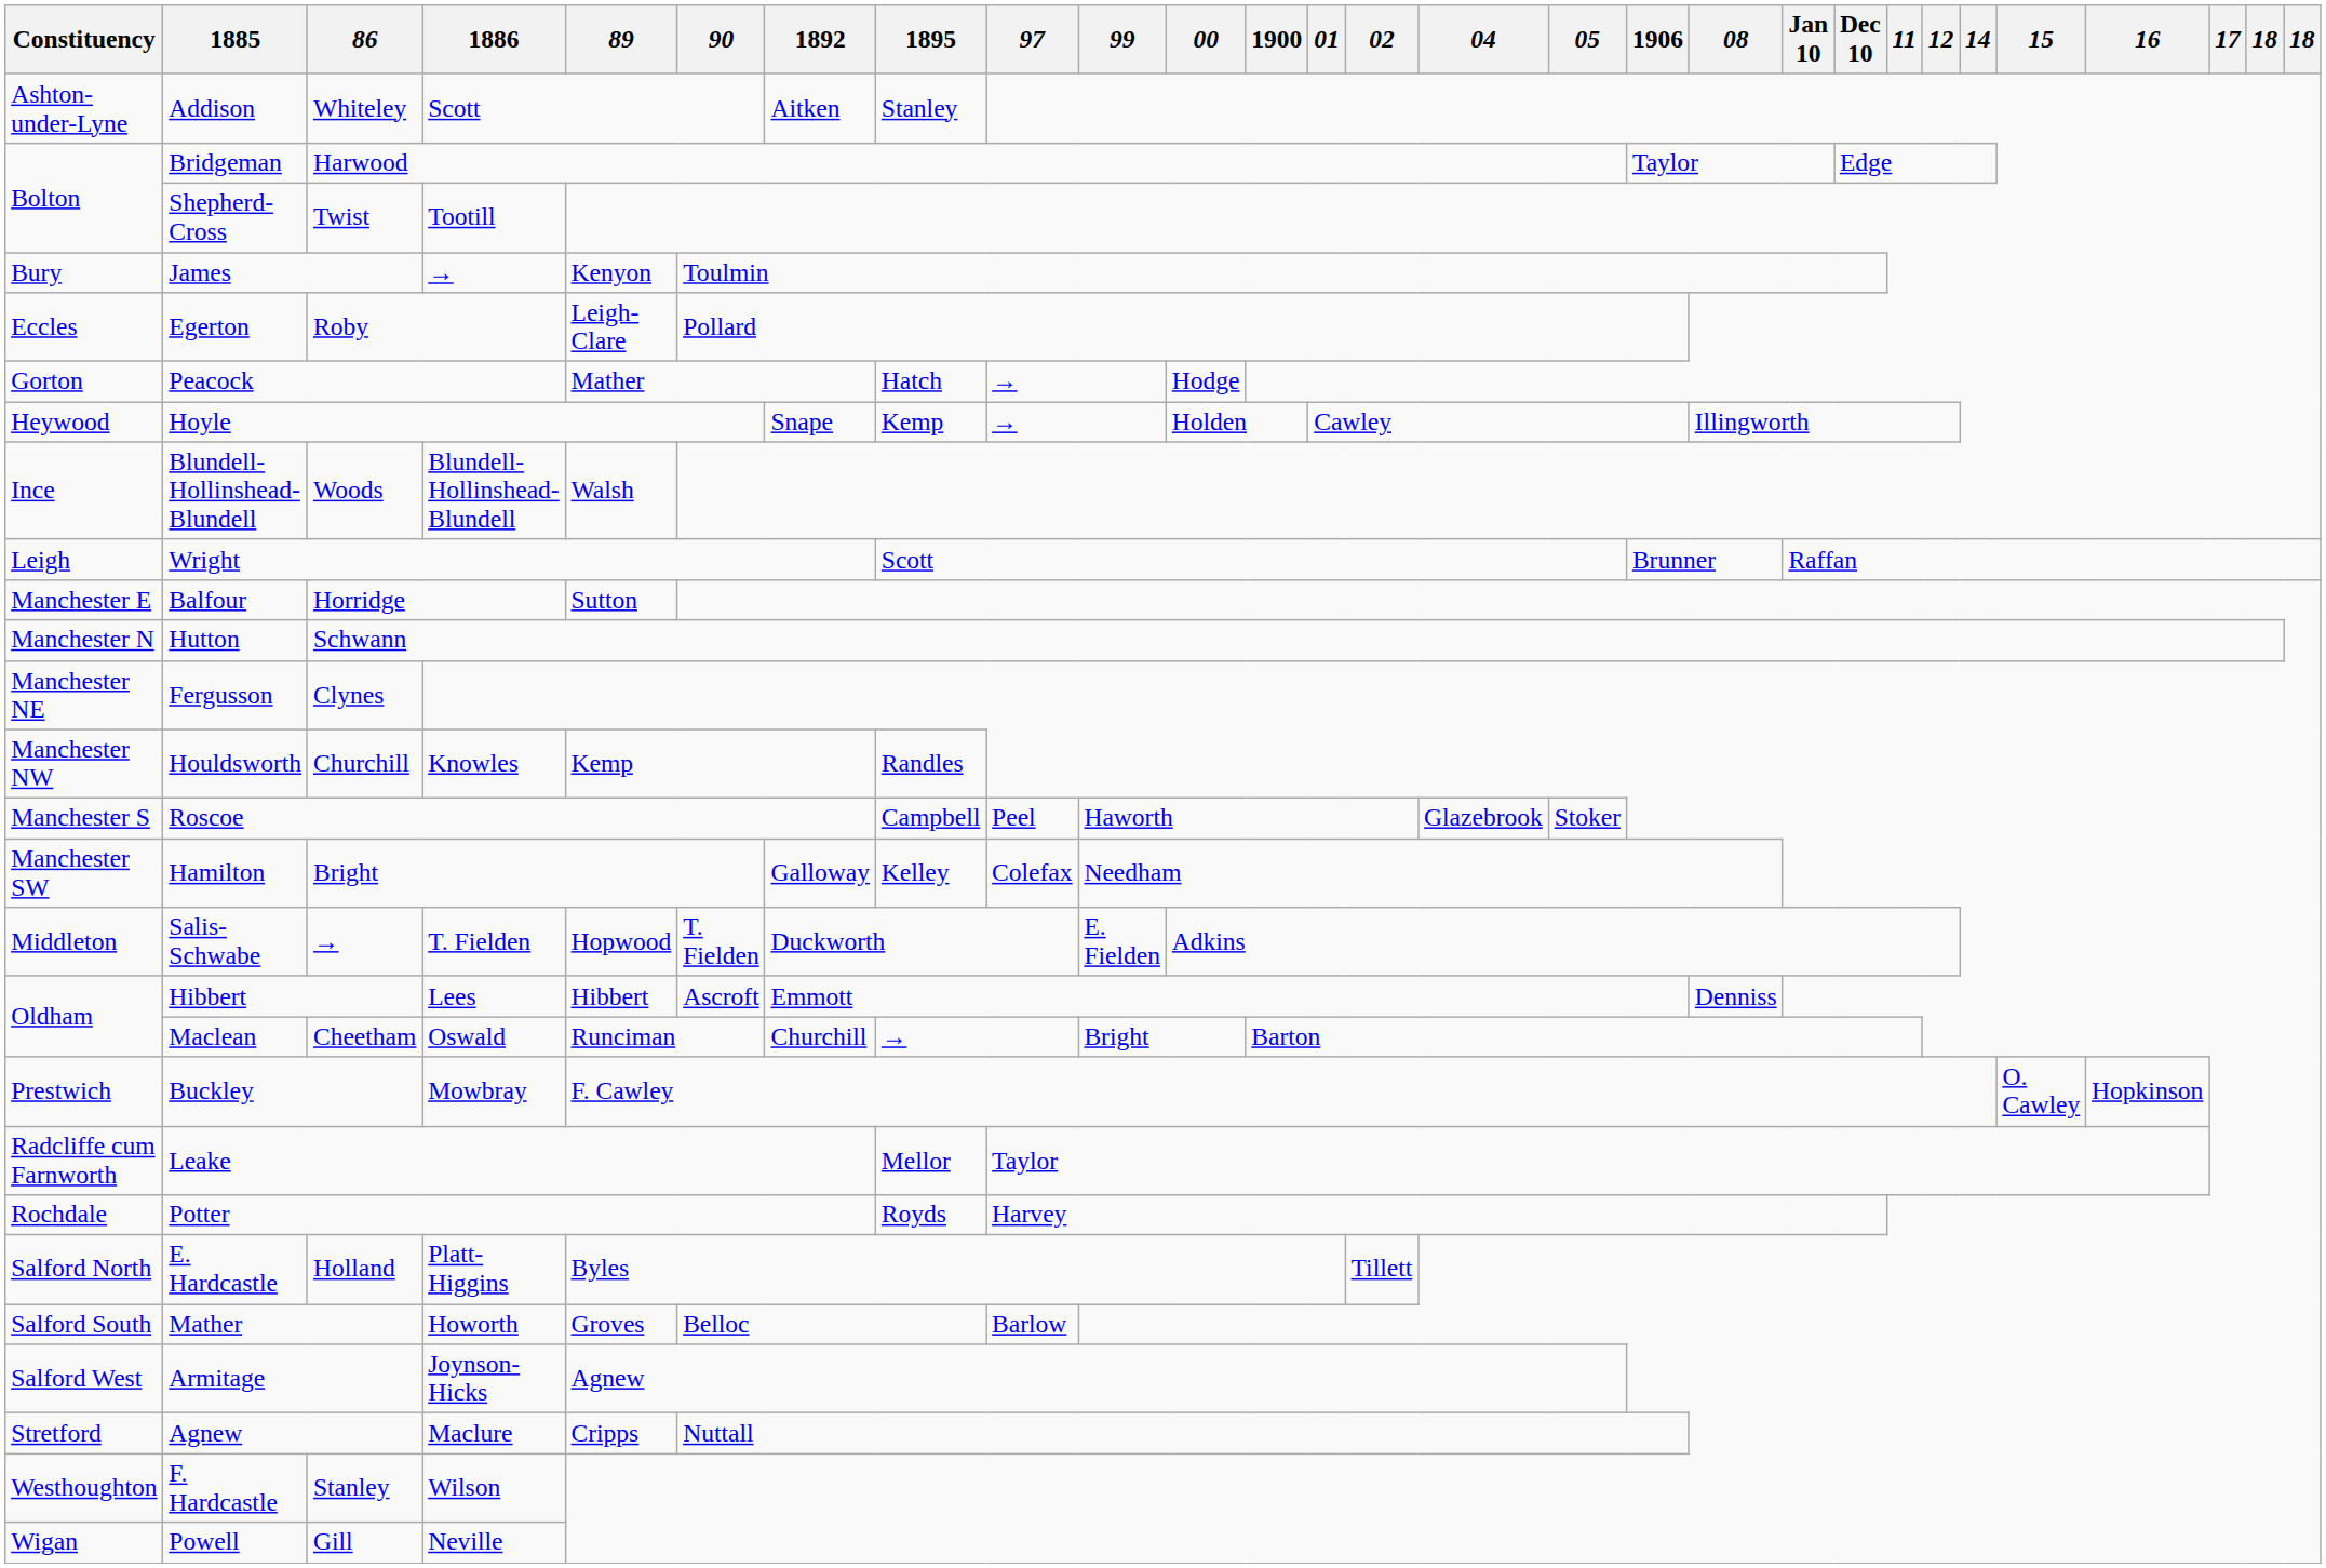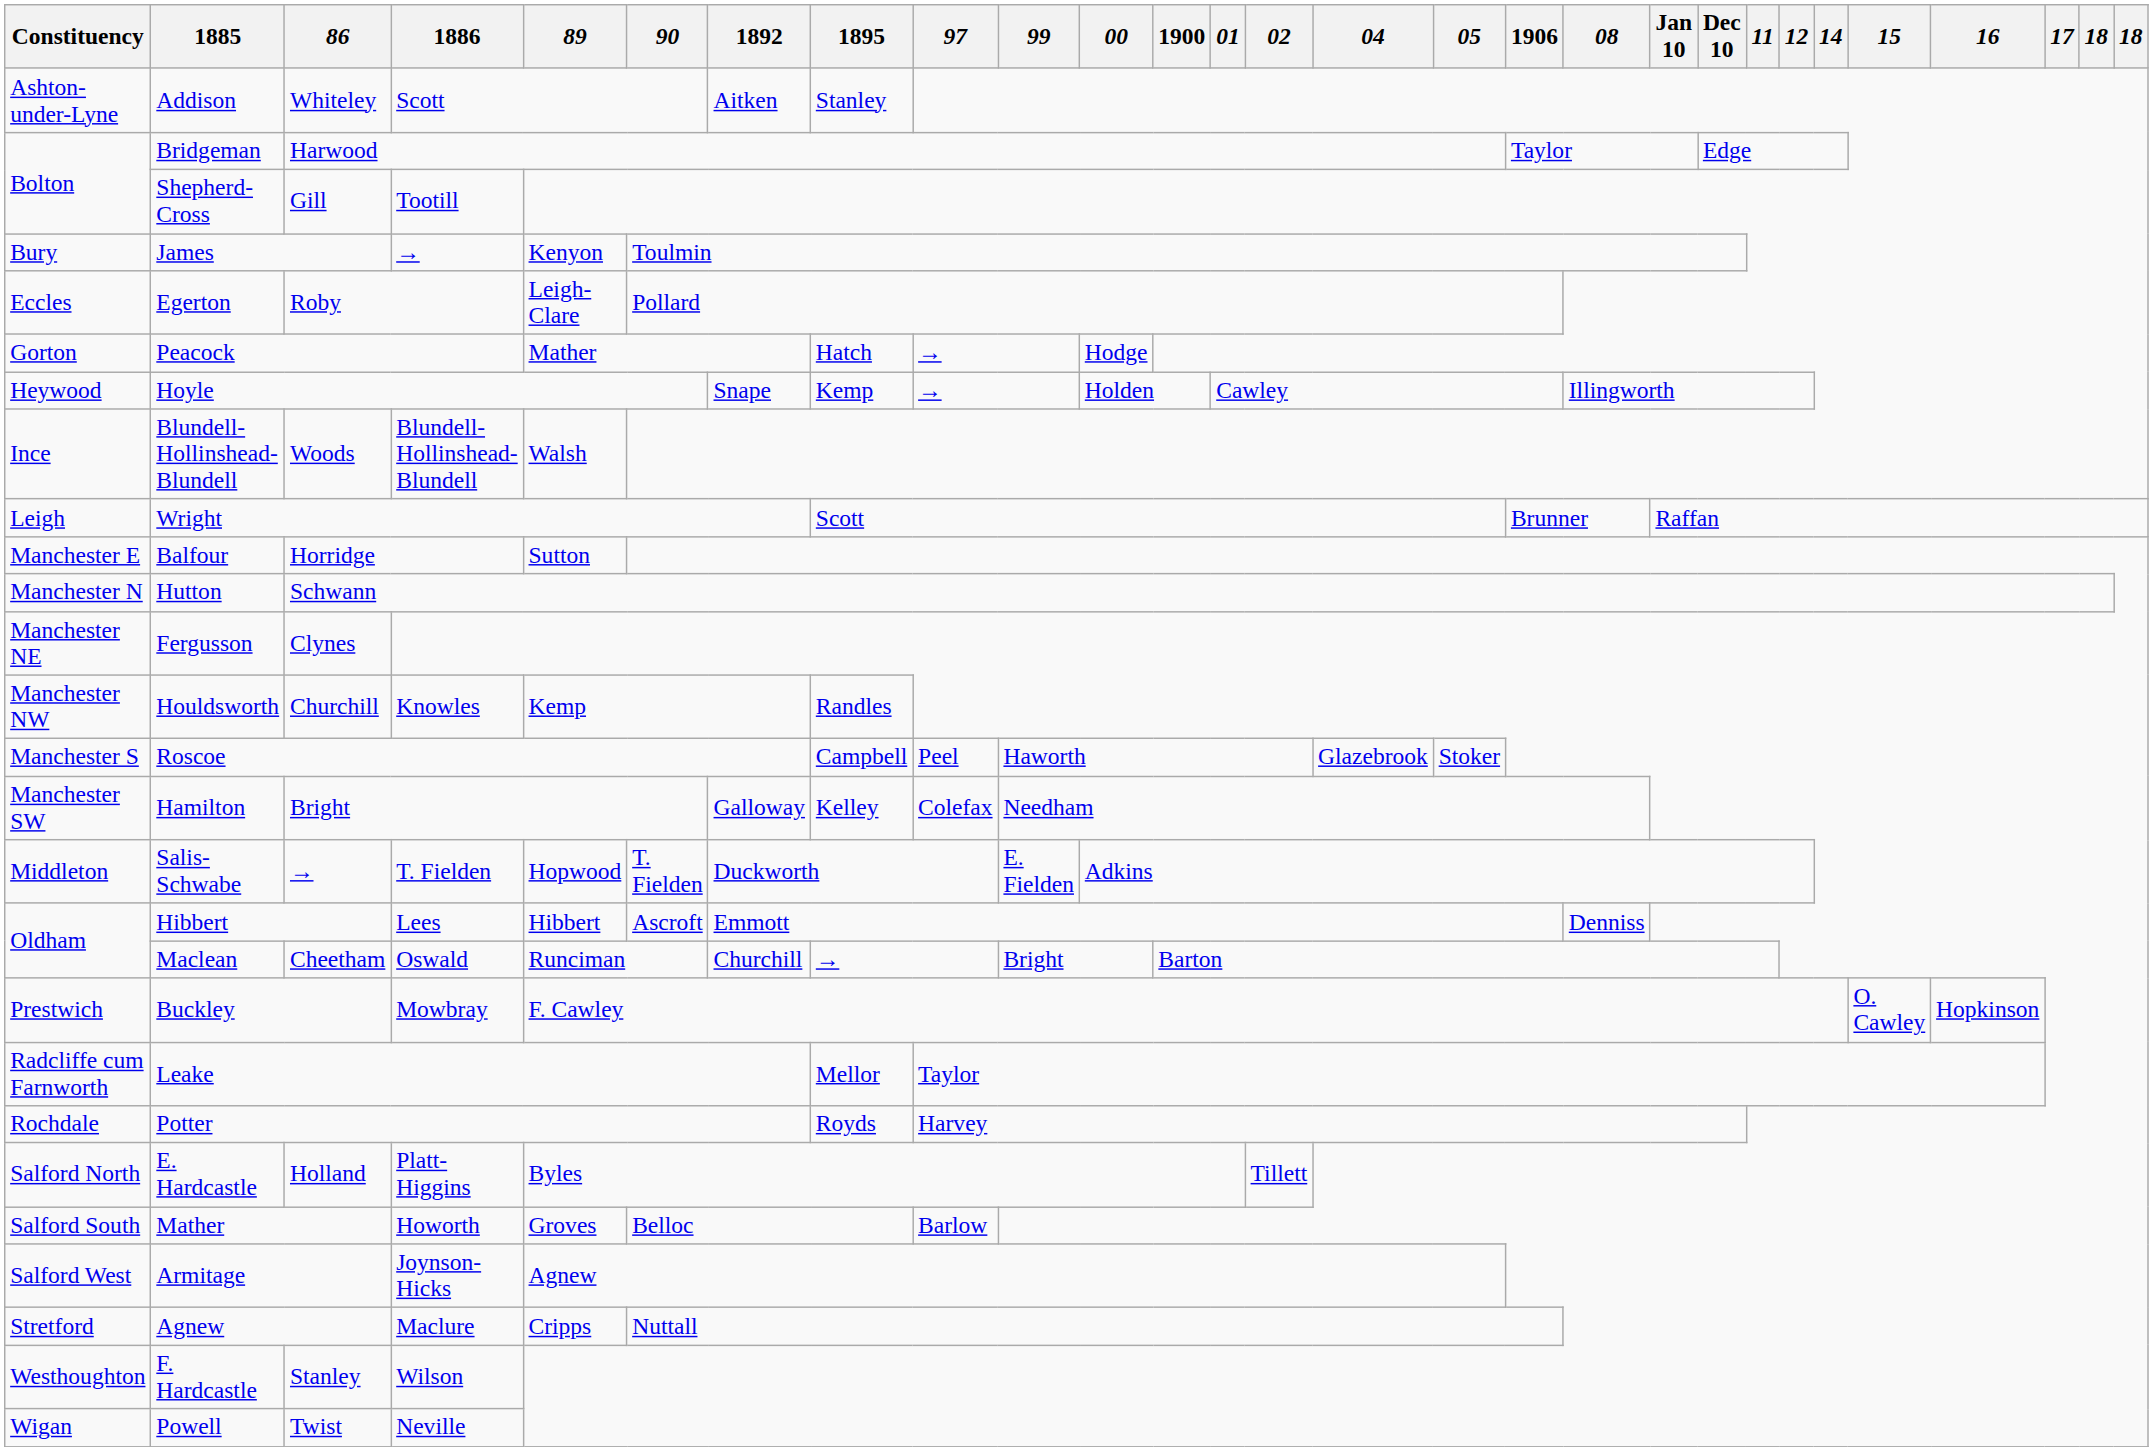 <table class="wikitable">
 <tr>
 <th>Constituency</th>
 <th>1885</th>
 <th><em>86</em></th>
 <th>1886</th>
 <th><em>89</em></th>
 <th><em>90</em></th>
 <th>1892</th>
 <th>1895</th>
 <th><em>97</em></th>
 <th><em>99</em></th>
 <th><em>00</em></th>
 <th>1900</th>
 <th><em>01</em></th>
 <th><em>02</em></th>
 <th><em>04</em></th>
 <th><em>05</em></th>
 <th>1906</th>
 <th><em>08</em></th>
 <th>Jan 10</th>
 <th>Dec 10</th>
 <th><em>11</em></th>
 <th><em>12</em></th>
 <th><em>14</em></th>
 <th><em>15</em></th>
 <th><em>16</em></th>
 <th><em>17</em></th>
 <th><em>18</em></th>
 <th><em>18</em></th>
 </tr>
 <tr>
 <td><a href='#'>Ashton-under-Lyne</a></td>
 <td><a href='#'>Addison</a></td>
 <td><a href='#'>Whiteley</a></td>
 <td colspan="3"><a href='#'>Scott</a></td>
 <td><a href='#'>Aitken</a></td>
 <td><a href='#'>Stanley</a></td>
 </tr>
 <tr>
 <td rowspan="2"><a href='#'>Bolton</a></td>
 <td><a href='#'>Bridgeman</a></td>
 <td colspan="14"><a href='#'>Harwood</a></td>
 <td colspan="3"><a href='#'>Taylor</a></td>
 <td colspan="4" bgcolor=><a href='#'>Edge</a></td>
 </tr>
 <tr>
 <td><a href='#'>Shepherd-Cross</a></td>
-<td><a href='#'>Twist</a></td>
+<td><a href='#'>Gill</a></td>
 <td><a href='#'>Tootill</a></td>
 </tr>
 <tr>
 <td><a href='#'>Bury</a></td>
 <td colspan="2"><a href='#'>James</a></td>
 <td><a href='#'>→</a></td>
 <td><a href='#'>Kenyon</a></td>
 <td colspan="15"><a href='#'>Toulmin</a></td>
 </tr>
 <tr>
 <td><a href='#'>Eccles</a></td>
 <td><a href='#'>Egerton</a></td>
 <td colspan="2"><a href='#'>Roby</a></td>
 <td><a href='#'>Leigh-Clare</a></td>
 <td colspan="12"><a href='#'>Pollard</a></td>
 </tr>
 <tr>
 <td><a href='#'>Gorton</a></td>
 <td colspan="3"><a href='#'>Peacock</a></td>
 <td colspan="3"><a href='#'>Mather</a></td>
 <td><a href='#'>Hatch</a></td>
 <td colspan="2"><a href='#'>→</a></td>
 <td><a href='#'>Hodge</a></td>
 </tr>
 <tr>
 <td><a href='#'>Heywood</a></td>
 <td colspan="5"><a href='#'>Hoyle</a></td>
 <td><a href='#'>Snape</a></td>
 <td><a href='#'>Kemp</a></td>
 <td colspan="2"><a href='#'>→</a></td>
 <td colspan="2"><a href='#'>Holden</a></td>
 <td colspan="5"><a href='#'>Cawley</a></td>
 <td colspan="5"><a href='#'>Illingworth</a></td>
 </tr>
 <tr>
 <td><a href='#'>Ince</a></td>
 <td><a href='#'>Blundell-Hollinshead-Blundell</a></td>
 <td><a href='#'>Woods</a></td>
 <td><a href='#'>Blundell-Hollinshead-Blundell</a></td>
 <td><a href='#'>Walsh</a></td>
 </tr>
 <tr>
 <td><a href='#'>Leigh</a></td>
 <td colspan="6"><a href='#'>Wright</a></td>
 <td colspan="9"><a href='#'>Scott</a></td>
 <td colspan="2"><a href='#'>Brunner</a></td>
 <td colspan="10"><a href='#'>Raffan</a></td>
 </tr>
 <tr>
 <td><a href='#'>Manchester E</a></td>
 <td><a href='#'>Balfour</a></td>
 <td colspan="2"><a href='#'>Horridge</a></td>
 <td><a href='#'>Sutton</a></td>
 </tr>
 <tr>
 <td><a href='#'>Manchester N</a></td>
 <td><a href='#'>Hutton</a></td>
 <td colspan="25"><a href='#'>Schwann</a></td>
 </tr>
 <tr>
 <td><a href='#'>Manchester NE</a></td>
 <td><a href='#'>Fergusson</a></td>
 <td><a href='#'>Clynes</a></td>
 </tr>
 <tr>
 <td><a href='#'>Manchester NW</a></td>
 <td><a href='#'>Houldsworth</a></td>
 <td><a href='#'>Churchill</a></td>
 <td><a href='#'>Knowles</a></td>
 <td colspan="3"><a href='#'>Kemp</a></td>
 <td><a href='#'>Randles</a></td>
 </tr>
 <tr>
 <td><a href='#'>Manchester S</a></td>
 <td colspan="6"><a href='#'>Roscoe</a></td>
 <td><a href='#'>Campbell</a></td>
 <td><a href='#'>Peel</a></td>
 <td colspan="5"><a href='#'>Haworth</a></td>
 <td><a href='#'>Glazebrook</a></td>
 <td><a href='#'>Stoker</a></td>
 </tr>
 <tr>
 <td><a href='#'>Manchester SW</a></td>
 <td><a href='#'>Hamilton</a></td>
 <td colspan="4"><a href='#'>Bright</a></td>
 <td><a href='#'>Galloway</a></td>
 <td><a href='#'>Kelley</a></td>
 <td><a href='#'>Colefax</a></td>
 <td colspan="9"><a href='#'>Needham</a></td>
 </tr>
 <tr>
 <td><a href='#'>Middleton</a></td>
 <td><a href='#'>Salis-Schwabe</a></td>
 <td><a href='#'>→</a></td>
 <td><a href='#'>T. Fielden</a></td>
 <td><a href='#'>Hopwood</a></td>
 <td><a href='#'>T. Fielden</a></td>
 <td colspan="3"><a href='#'>Duckworth</a></td>
 <td><a href='#'>E. Fielden</a></td>
 <td colspan="12"><a href='#'>Adkins</a></td>
 </tr>
 <tr>
 <td rowspan="2"><a href='#'>Oldham</a></td>
 <td colspan="2"><a href='#'>Hibbert</a></td>
 <td><a href='#'>Lees</a></td>
 <td><a href='#'>Hibbert</a></td>
 <td><a href='#'>Ascroft</a></td>
 <td colspan="11"><a href='#'>Emmott</a></td>
 <td><a href='#'>Denniss</a></td>
 </tr>
 <tr>
 <td><a href='#'>Maclean</a></td>
 <td><a href='#'>Cheetham</a></td>
 <td><a href='#'>Oswald</a></td>
 <td colspan="2"><a href='#'>Runciman</a></td>
 <td><a href='#'>Churchill</a></td>
 <td colspan="2"><a href='#'>→</a></td>
 <td colspan="2"><a href='#'>Bright</a></td>
 <td colspan="10"><a href='#'>Barton</a></td>
 </tr>
 <tr>
 <td><a href='#'>Prestwich</a></td>
 <td colspan="2"><a href='#'>Buckley</a></td>
 <td><a href='#'>Mowbray</a></td>
 <td colspan="19"><a href='#'>F. Cawley</a></td>
 <td><a href='#'>O. Cawley</a></td>
 <td><a href='#'>Hopkinson</a></td>
 </tr>
 <tr>
 <td><a href='#'>Radcliffe cum Farnworth</a></td>
 <td colspan="6"><a href='#'>Leake</a></td>
 <td><a href='#'>Mellor</a></td>
 <td colspan="17"><a href='#'>Taylor</a></td>
 </tr>
 <tr>
 <td><a href='#'>Rochdale</a></td>
 <td colspan="6"><a href='#'>Potter</a></td>
 <td><a href='#'>Royds</a></td>
 <td colspan="12"><a href='#'>Harvey</a></td>
 </tr>
 <tr>
 <td><a href='#'>Salford North</a></td>
 <td><a href='#'>E. Hardcastle</a></td>
 <td><a href='#'>Holland</a></td>
 <td><a href='#'>Platt-Higgins</a></td>
 <td colspan="9"><a href='#'>Byles</a></td>
 <td><a href='#'>Tillett</a></td>
 </tr>
 <tr>
 <td><a href='#'>Salford South</a></td>
 <td colspan="2"><a href='#'>Mather</a></td>
 <td><a href='#'>Howorth</a></td>
 <td><a href='#'>Groves</a></td>
 <td colspan="3"><a href='#'>Belloc</a></td>
 <td><a href='#'>Barlow</a></td>
 </tr>
 <tr>
 <td><a href='#'>Salford West</a></td>
 <td colspan="2"><a href='#'>Armitage</a></td>
 <td><a href='#'>Joynson-Hicks</a></td>
 <td colspan="12"><a href='#'>Agnew</a></td>
 </tr>
 <tr>
 <td><a href='#'>Stretford</a></td>
 <td colspan="2"><a href='#'>Agnew</a></td>
 <td><a href='#'>Maclure</a></td>
 <td><a href='#'>Cripps</a></td>
 <td colspan="12"><a href='#'>Nuttall</a></td>
 </tr>
 <tr>
 <td><a href='#'>Westhoughton</a></td>
 <td><a href='#'>F. Hardcastle</a></td>
 <td><a href='#'>Stanley</a></td>
 <td><a href='#'>Wilson</a></td>
 </tr>
 <tr>
 <td><a href='#'>Wigan</a></td>
 <td><a href='#'>Powell</a></td>
-<td><a href='#'>Gill</a></td>
+<td><a href='#'>Twist</a></td>
 <td><a href='#'>Neville</a></td>
 </tr>
 </table>
